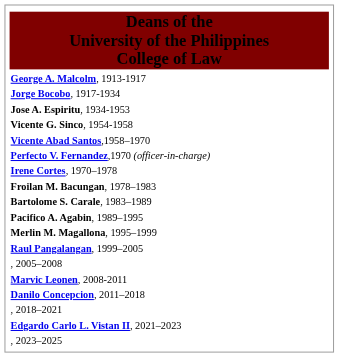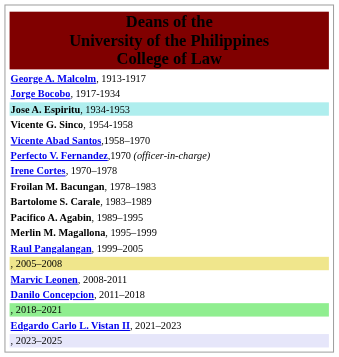 <table style="float:right; clear:right; margin:1em 1em 1em 1em; width:20em; border: 1px solid #a0a0a0; padding: 2px; bg-color=yellow; text-align:right;">
 <tr style="text-align:center;">
 </tr>
 <tr bgcolor="#800000" align="center">
 <td><span><strong>Deans of the<br>University of the Philippines<br> College of Law</strong></span></td>
 </tr>
 <tr style="text-align:left; font-size:x-small;">
 <td><strong><a href='#'>George A. Malcolm</a></strong>, 1913-1917</td>
 </tr>
 <tr style="text-align:left; font-size:x-small;">
 <td><strong><a href='#'>Jorge Bocobo</a></strong>, 1917-1934</td>
 </tr>
 <tr style="text-align:left; font-size:x-small;">
-<td><strong>Jose A. Espiritu</strong>, 1934-1953</td>
+<td style="background: paleturquoise;"><strong>Jose A. Espiritu</strong>, 1934-1953</td>
 </tr>
 <tr style="text-align:left; font-size:x-small;">
 <td><strong>Vicente G. Sinco</strong>, 1954-1958</td>
 </tr>
 <tr style="text-align:left; font-size:x-small;">
 <td><strong><a href='#'>Vicente Abad Santos</a></strong>,1958–1970</td>
 </tr>
 <tr style="text-align:left; font-size:x-small;">
 <td><strong><a href='#'>Perfecto V. Fernandez</a></strong>,1970 <em>(officer-in-charge)</em></td>
 </tr>
 <tr style="text-align:left; font-size:x-small;">
 <td><strong><a href='#'>Irene Cortes</a></strong>, 1970–1978</td>
 </tr>
 <tr style="text-align:left; font-size:x-small;">
 <td><strong>Froilan M. Bacungan</strong>, 1978–1983</td>
 </tr>
 <tr style="text-align:left; font-size:x-small;">
 <td><strong>Bartolome S. Carale</strong>, 1983–1989</td>
 </tr>
 <tr style="text-align:left; font-size:x-small;">
 <td><strong>Pacifico A. Agabin</strong>, 1989–1995</td>
 </tr>
 <tr style="text-align:left; font-size:x-small;">
 <td><strong>Merlin M. Magallona</strong>, 1995–1999</td>
 </tr>
 <tr style="text-align:left; font-size:x-small;">
 <td><strong><a href='#'>Raul Pangalangan</a></strong>, 1999–2005</td>
 </tr>
 <tr style="text-align:left; font-size:x-small;">
-<td><strong></strong>, 2005–2008</td>
+<td style="background: khaki;"><strong></strong>, 2005–2008</td>
 </tr>
 <tr style="text-align:left; font-size:x-small;">
 <td><strong><a href='#'>Marvic Leonen</a></strong>, 2008-2011</td>
 </tr>
 <tr style="text-align:left; font-size:x-small;">
 <td><strong><a href='#'>Danilo Concepcion</a></strong>, 2011–2018</td>
 </tr>
 <tr style="text-align:left; font-size:x-small;">
-<td><strong></strong>, 2018–2021</td>
+<td style="background: lightgreen;"><strong></strong>, 2018–2021</td>
 </tr>
 <tr style="text-align:left; font-size:x-small;">
 <td><strong><a href='#'>Edgardo Carlo L. Vistan II</a></strong>, 2021–2023</td>
 </tr>
 <tr style="text-align:left; font-size:x-small;">
-<td><strong></strong>, 2023–2025</td>
+<td style="background: lavender;"><strong></strong>, 2023–2025</td>
 </tr>
 </table>
